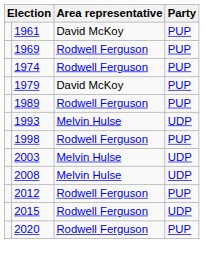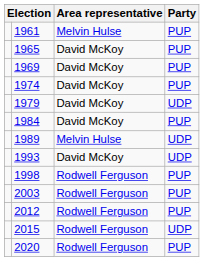 <table class="wikitable">
 <tr>
 <th colspan="2">Election</th>
 <th>Area representative</th>
 <th>Party</th>
 </tr>
 <tr>
 <td style="background-color: "></td>
 <td><a href='#'>1961</a></td>
+<td><a href='#'>Melvin Hulse</a></td>
+<td><a href='#'>PUP</a></td>
+</tr>
+<tr>
+<td style="background-color: "></td>
+<td><a href='#'>1965</a></td>
 <td>David McKoy</td>
 <td><a href='#'>PUP</a></td>
 </tr>
 <tr>
 <td style="background-color: "></td>
 <td><a href='#'>1969</a></td>
-<td><a href='#'>Rodwell Ferguson</a></td>
+<td>David McKoy</td>
 <td><a href='#'>PUP</a></td>
 </tr>
 <tr>
 <td style="background-color: "></td>
 <td><a href='#'>1974</a></td>
-<td><a href='#'>Rodwell Ferguson</a></td>
+<td>David McKoy</td>
 <td><a href='#'>PUP</a></td>
 </tr>
 <tr>
 <td style="background-color: "></td>
 <td><a href='#'>1979</a></td>
 <td>David McKoy</td>
+<td><a href='#'>UDP</a></td>
+</tr>
+<tr>
+<td style="background-color: "></td>
+<td><a href='#'>1984</a></td>
+<td>David McKoy</td>
 <td><a href='#'>PUP</a></td>
 </tr>
 <tr>
 <td style="background-color: "></td>
 <td><a href='#'>1989</a></td>
-<td><a href='#'>Rodwell Ferguson</a></td>
-<td><a href='#'>PUP</a></td>
+<td><a href='#'>Melvin Hulse</a></td>
+<td><a href='#'>UDP</a></td>
 </tr>
 <tr>
 <td style="background-color: "></td>
 <td><a href='#'>1993</a></td>
-<td><a href='#'>Melvin Hulse</a></td>
+<td>David McKoy</td>
 <td><a href='#'>UDP</a></td>
 </tr>
 <tr>
 <td style="background-color: "></td>
 <td><a href='#'>1998</a></td>
 <td><a href='#'>Rodwell Ferguson</a></td>
 <td><a href='#'>PUP</a></td>
 </tr>
 <tr>
 <td style="background-color: "></td>
 <td><a href='#'>2003</a></td>
-<td><a href='#'>Melvin Hulse</a></td>
-<td><a href='#'>UDP</a></td>
-</tr>
-<tr>
-<td style="background-color: "></td>
-<td><a href='#'>2008</a></td>
-<td><a href='#'>Melvin Hulse</a></td>
-<td><a href='#'>UDP</a></td>
+<td><a href='#'>Rodwell Ferguson</a></td>
+<td><a href='#'>PUP</a></td>
 </tr>
 <tr>
 <td style="background-color: "></td>
 <td><a href='#'>2012</a></td>
 <td><a href='#'>Rodwell Ferguson</a></td>
 <td><a href='#'>PUP</a></td>
 </tr>
 <tr>
 <td style="background-color: "></td>
 <td><a href='#'>2015</a></td>
 <td><a href='#'>Rodwell Ferguson</a></td>
 <td><a href='#'>UDP</a></td>
 </tr>
 <tr>
 <td style="background-color: "></td>
 <td><a href='#'>2020</a></td>
 <td><a href='#'>Rodwell Ferguson</a></td>
 <td><a href='#'>PUP</a></td>
 </tr>
 </table>
